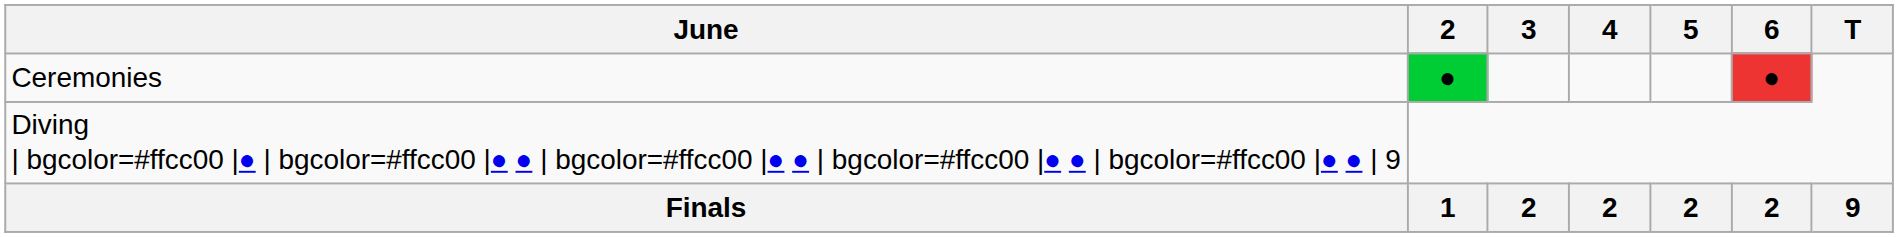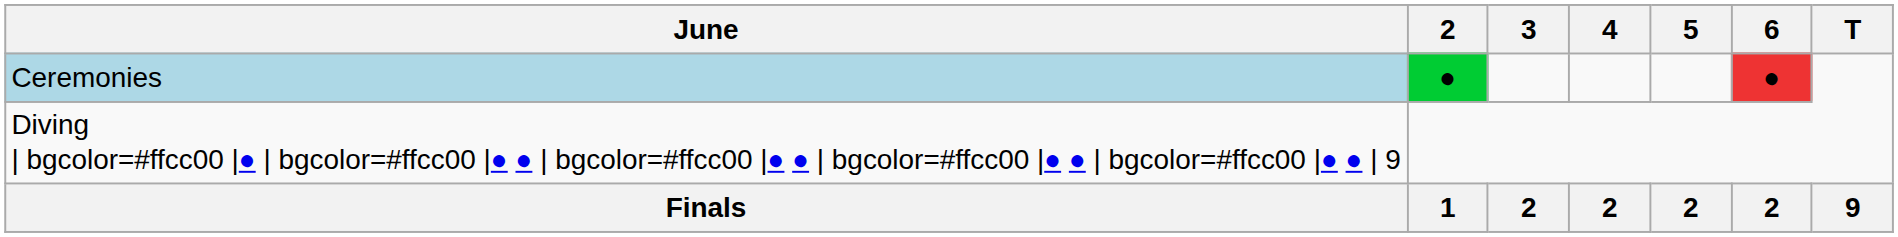 <table class="wikitable" style="margin:0.5em auto; font-size:90%; line-height:1.25em;">
 <tr>
 <th>June</th>
 <th style="width:35px;">2</th>
 <th width=35>3</th>
 <th width=35>4</th>
 <th width=35>5</th>
 <th width=35>6</th>
 <th width=35>T</th>
 </tr>
 <tr>
-<td>Ceremonies</td>
+<td style="background: lightblue;">Ceremonies</td>
 <td style="background:#0c3; text-align:center;">●</td>
 <td></td>
 <td></td>
 <td></td>
 <td style="background:#e33; text-align:center;">●</td>
 </tr>
 <tr style="text-align:center;">
 <td style="text-align:left;">Diving<br>| bgcolor=#ffcc00 |<a href='#'>●</a> | bgcolor=#ffcc00 |<a href='#'>●</a> <a href='#'>●</a> | bgcolor=#ffcc00 |<a href='#'>●</a> <a href='#'>●</a> | bgcolor=#ffcc00 |<a href='#'>●</a> <a href='#'>●</a> | bgcolor=#ffcc00 |<a href='#'>●</a> <a href='#'>●</a> | 9</td>
 </tr>
 <tr>
 <th>Finals</th>
 <th>1</th>
 <th>2</th>
 <th>2</th>
 <th>2</th>
 <th>2</th>
 <th>9</th>
 </tr>
 </table>
